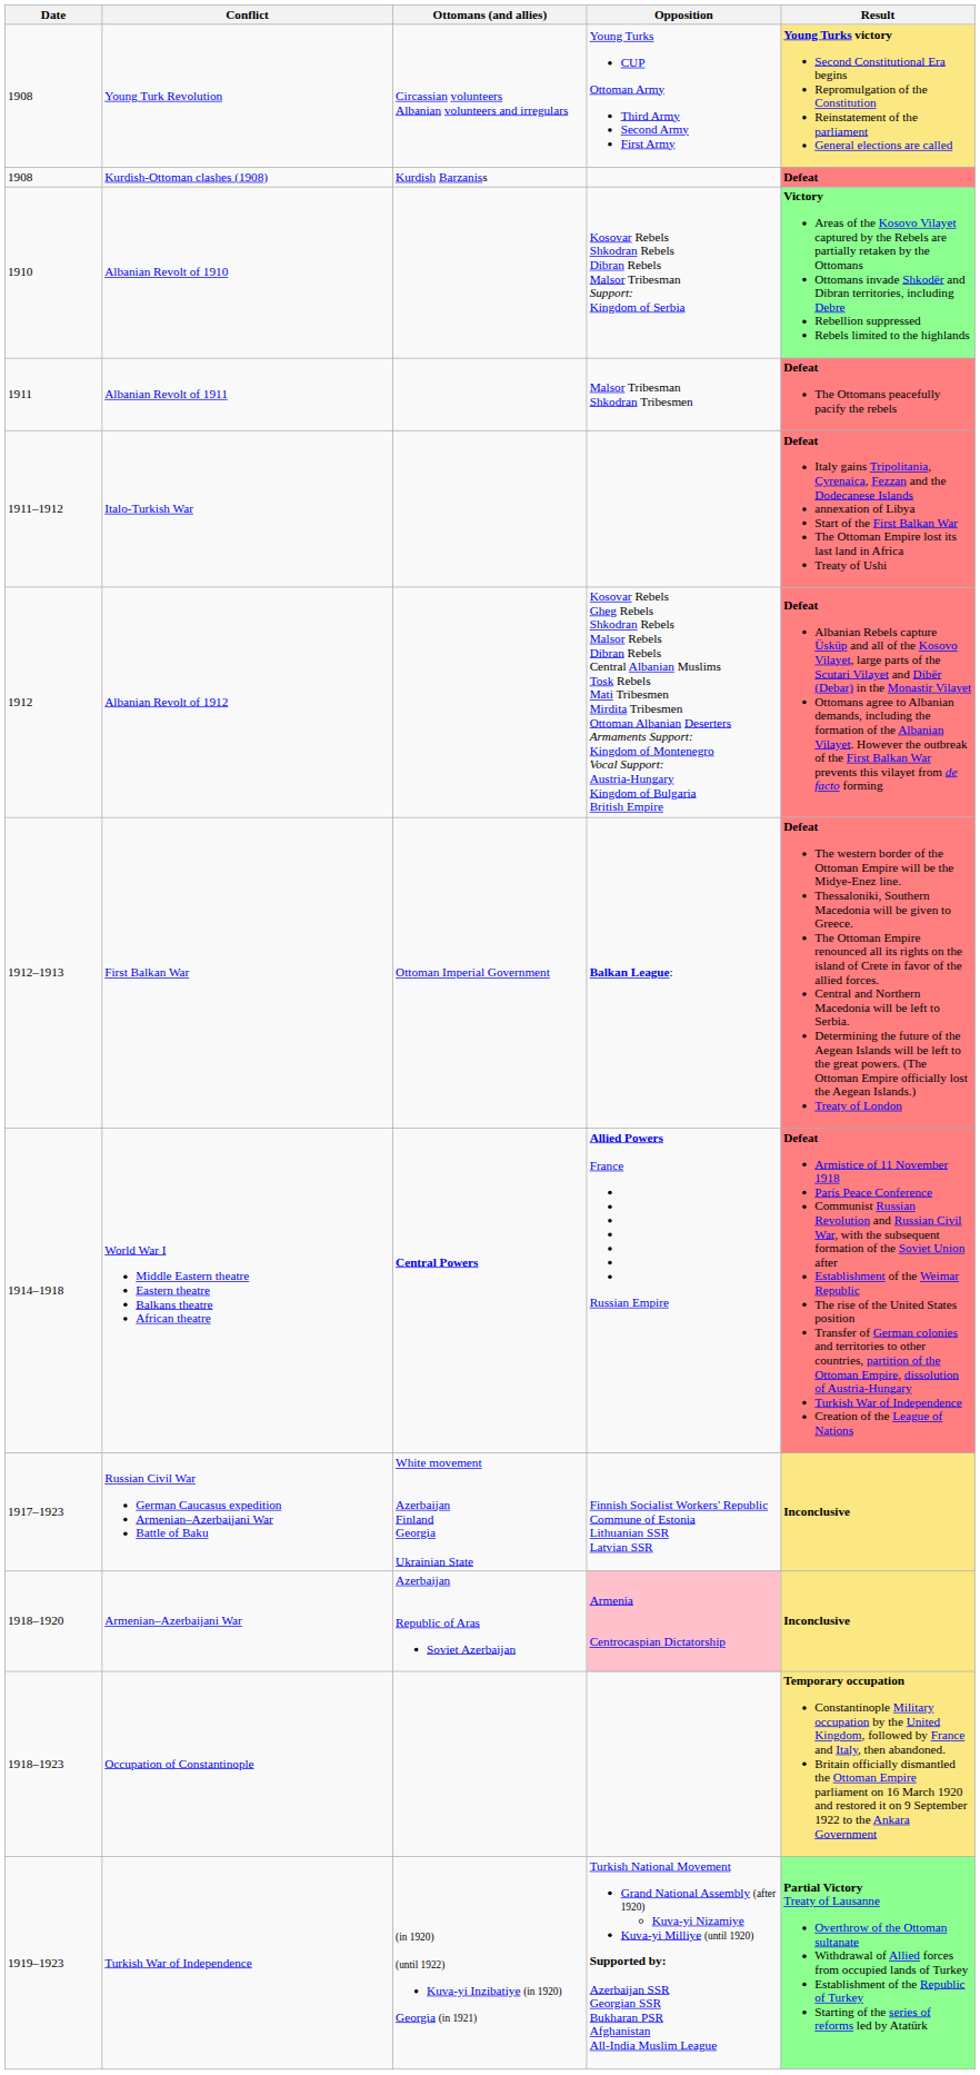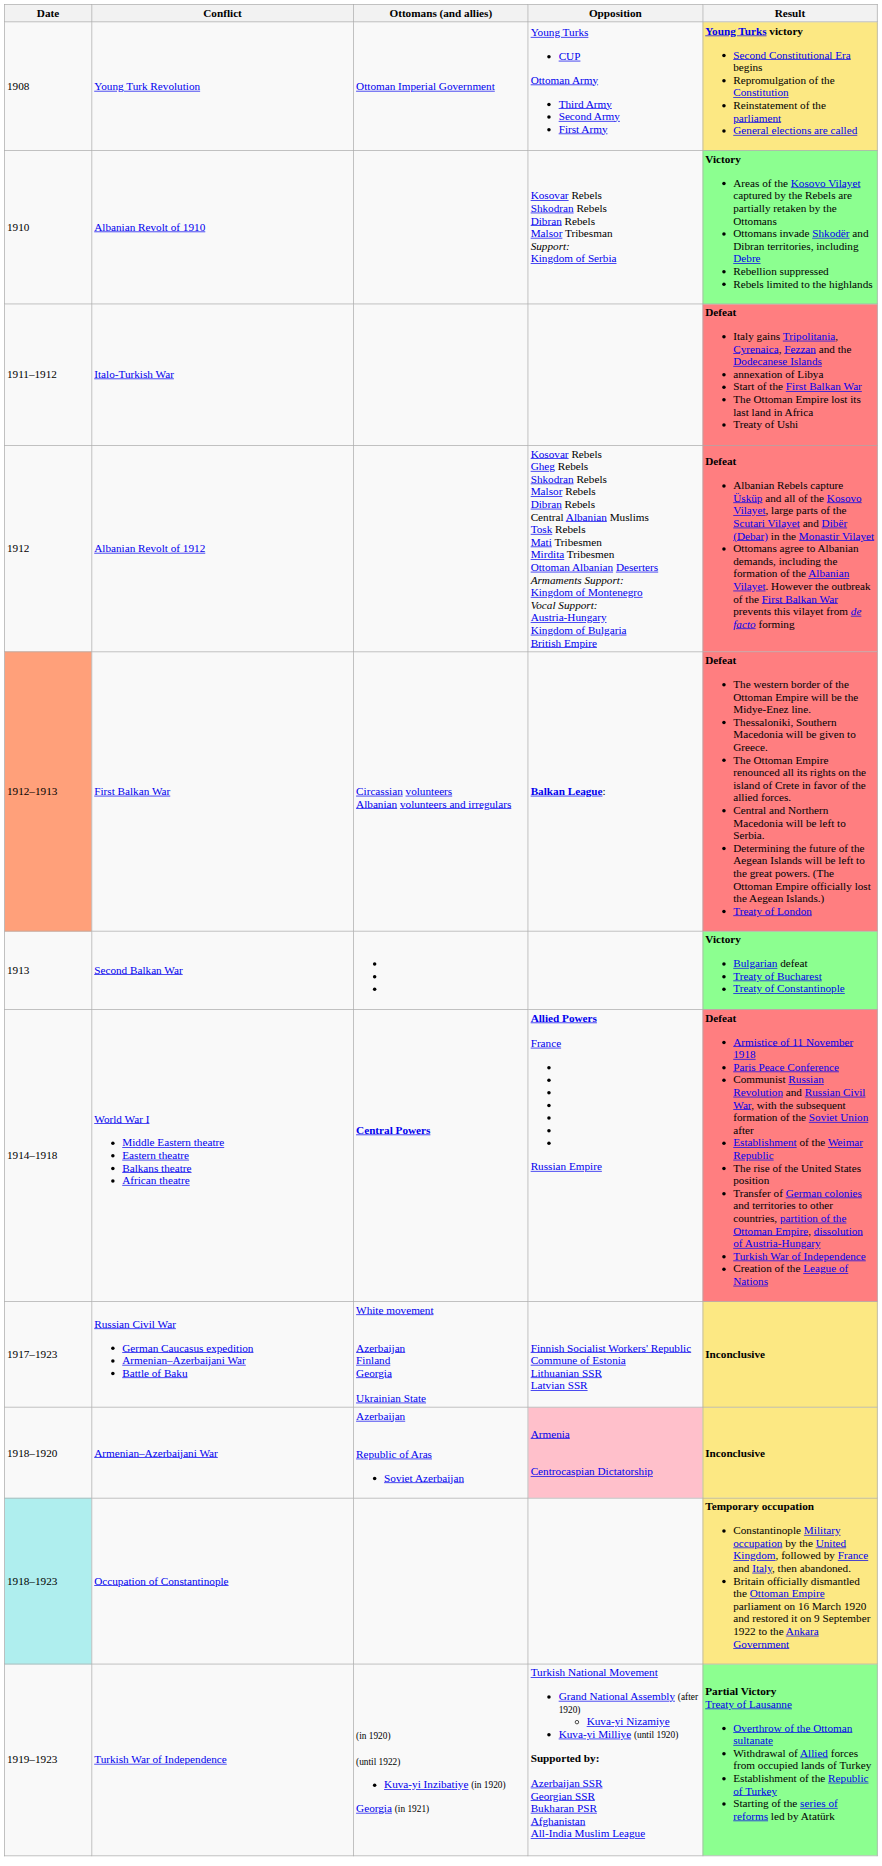 <table class="wikitable">
 <tr>
 <th width="10%">Date</th>
 <th width="30%">Conflict</th>
 <th width="20%">Ottomans (and allies)</th>
 <th width="20%">Opposition</th>
 <th width="20%">Result</th>
 </tr>
 <tr>
 <td>1908</td>
 <td><a href='#'>Young Turk Revolution</a></td>
-<td><br> <a href='#'>Circassian</a> <a href='#'>volunteers</a><br> <a href='#'>Albanian</a> <a href='#'>volunteers and irregulars</a></td>
+<td> <a href='#'>Ottoman Imperial Government</a></td>
 <td> <a href='#'>Young Turks</a><br><ul><li> <a href='#'>CUP</a></li></ul> <a href='#'>Ottoman Army</a><ul><li> <a href='#'>Third Army</a></li><li> <a href='#'>Second Army</a></li><li> <a href='#'>First Army</a></li></ul></td>
 <td style="background:#FCE883"><strong><a href='#'>Young Turks</a> victory</strong><br><ul><li><a href='#'>Second Constitutional Era</a> begins</li><li>Repromulgation of the <a href='#'>Constitution</a></li><li>Reinstatement of the <a href='#'>parliament</a></li><li><a href='#'>General elections are called</a></li></ul></td>
-</tr>
-<tr>
-<td>1908</td>
-<td><a href='#'>Kurdish-Ottoman clashes (1908)</a></td>
-<td><a href='#'>Kurdish</a> <a href='#'>Barzanis</a>s</td>
-<td></td>
-<td style="background:#ff7e80"><strong>Defeat</strong></td>
 </tr>
 <tr>
 <td>1910</td>
 <td><a href='#'>Albanian Revolt of 1910</a></td>
 <td></td>
 <td><a href='#'>Kosovar</a> Rebels <br> <a href='#'>Shkodran</a> Rebels <br> <a href='#'>Dibran</a> Rebels <br> <a href='#'>Malsor</a> Tribesman <br> <em>Support:</em> <br>  <a href='#'>Kingdom of Serbia</a></td>
 <td style="background:#8cff90"><strong>Victory</strong><br><ul><li>Areas of the <a href='#'>Kosovo Vilayet</a> captured by the Rebels are partially retaken by the Ottomans</li><li>Ottomans invade <a href='#'>Shkodër</a> and Dibran territories, including <a href='#'>Debre</a></li><li>Rebellion suppressed</li><li>Rebels limited to the highlands</li></ul></td>
-</tr>
-<tr>
-<td>1911</td>
-<td><a href='#'>Albanian Revolt of 1911</a></td>
-<td></td>
-<td><a href='#'>Malsor</a> Tribesman <br><a href='#'>Shkodran</a> Tribesmen</td>
-<td style="background:#ff7e80"><strong>Defeat</strong><br><ul><li>The Ottomans peacefully pacify the rebels</li></ul></td>
 </tr>
 <tr>
 <td>1911–1912</td>
 <td><a href='#'>Italo-Turkish War</a></td>
 <td></td>
 <td></td>
 <td style="background:#ff7e80"><strong>Defeat</strong><br><ul><li>Italy gains <a href='#'>Tripolitania</a>, <a href='#'>Cyrenaica</a>, <a href='#'>Fezzan</a> and the <a href='#'>Dodecanese Islands</a></li><li>annexation of Libya</li><li>Start of the <a href='#'>First Balkan War</a></li><li>The Ottoman Empire lost its last land in Africa</li><li>Treaty of Ushi</li></ul></td>
 </tr>
 <tr>
 <td>1912</td>
 <td><a href='#'>Albanian Revolt of 1912</a></td>
 <td></td>
 <td> <a href='#'>Kosovar</a> Rebels <br> <a href='#'>Gheg</a> Rebels <br> <a href='#'>Shkodran</a> Rebels <br> <a href='#'>Malsor</a> Rebels <br> <a href='#'>Dibran</a> Rebels <br> Central <a href='#'>Albanian</a> Muslims <br> <a href='#'>Tosk</a> Rebels <br> <a href='#'>Mati</a> Tribesmen<br> <a href='#'>Mirdita</a> Tribesmen <br><a href='#'>Ottoman Albanian</a> <a href='#'>Deserters</a> <br> <em>Armaments Support:</em> <br> <a href='#'>Kingdom of Montenegro</a> <br> <em>Vocal Support:</em> <br> <a href='#'>Austria-Hungary</a> <br> <a href='#'>Kingdom of Bulgaria</a> <br> <a href='#'>British Empire</a></td>
 <td style="background:#ff7e80"><strong>Defeat</strong><br><ul><li>Albanian Rebels capture <a href='#'>Üsküp</a> and all of the <a href='#'>Kosovo Vilayet</a>, large parts of the <a href='#'>Scutari Vilayet</a> and <a href='#'>Dibër (Debar)</a> in the <a href='#'>Monastir Vilayet</a></li><li>Ottomans agree to Albanian demands, including the formation of the <a href='#'>Albanian Vilayet</a>. However the outbreak of the <a href='#'>First Balkan War</a> prevents this vilayet from <em><a href='#'>de facto</a></em> forming</li></ul></td>
 </tr>
 <tr>
-<td>1912–1913</td>
+<td style="background: lightsalmon;">1912–1913</td>
 <td><a href='#'>First Balkan War</a></td>
-<td> <a href='#'>Ottoman Imperial Government</a></td>
+<td><br> <a href='#'>Circassian</a> <a href='#'>volunteers</a><br> <a href='#'>Albanian</a> <a href='#'>volunteers and irregulars</a></td>
 <td><strong><a href='#'>Balkan League</a></strong>:</td>
 <td style="background:#ff7e80"><strong>Defeat</strong><br><ul><li>The western border of the Ottoman Empire will be the Midye-Enez line.</li><li>Thessaloniki, Southern Macedonia will be given to Greece.</li><li>The Ottoman Empire renounced all its rights on the island of Crete in favor of the allied forces.</li><li>Central and Northern Macedonia will be left to Serbia.</li><li>Determining the future of the Aegean Islands will be left to the great powers. (The Ottoman Empire officially lost the Aegean Islands.)</li><li><a href='#'>Treaty of London</a></li></ul></td>
+</tr>
+<tr>
+<td>1913</td>
+<td><a href='#'>Second Balkan War</a></td>
+<td {{plainlist><br><ul><li></li><li></li><li></li></ul></td>
+<td></td>
+<td style="background:#8cff90"><strong>Victory</strong><br><ul><li><a href='#'>Bulgarian</a> defeat</li><li><a href='#'>Treaty of Bucharest</a></li><li><a href='#'>Treaty of Constantinople</a></li></ul></td>
 </tr>
 <tr>
 <td>1914–1918</td>
 <td><a href='#'>World War I</a><br><ul><li><a href='#'>Middle Eastern theatre</a></li><li><a href='#'>Eastern theatre</a></li><li><a href='#'>Balkans theatre</a></li><li><a href='#'>African theatre</a></li></ul></td>
 <td><strong><a href='#'>Central Powers</a></strong><br><br><br> <br> <br> </td>
 <td><strong><a href='#'>Allied Powers</a></strong><br><br> <a href='#'>France</a><br> <ul><li></li><li></li><li></li><li></li><li></li><li></li><li></li></ul> <a href='#'>Russian Empire</a><br> <br> <br> <br> <br> <br> <br> <br> <br> <br> <br> </td>
 <td style="background:#ff7e80"><strong>Defeat</strong><br><ul><li><a href='#'>Armistice of 11 November 1918</a></li><li><a href='#'>Paris Peace Conference</a></li><li>Communist <a href='#'>Russian Revolution</a> and <a href='#'>Russian Civil War</a>, with the subsequent formation of the <a href='#'>Soviet Union</a> after</li><li><a href='#'>Establishment</a> of the <a href='#'>Weimar Republic</a></li><li>The rise of the United States position</li><li>Transfer of <a href='#'>German colonies</a> and territories to other countries, <a href='#'>partition of the Ottoman Empire</a>, <a href='#'>dissolution of Austria-Hungary</a></li><li><a href='#'>Turkish War of Independence</a></li><li>Creation of the <a href='#'>League of Nations</a></li></ul></td>
 </tr>
 <tr>
 <td>1917–1923</td>
 <td><a href='#'>Russian Civil War</a><br><ul><li><a href='#'>German Caucasus expedition</a></li><li><a href='#'>Armenian–Azerbaijani War</a></li><li><a href='#'>Battle of Baku</a></li></ul></td>
 <td> <a href='#'>White movement</a><br> <br>  <br>  <a href='#'>Azerbaijan</a> <br>  <a href='#'>Finland</a> <br>  <a href='#'>Georgia</a><br>  <br>  <a href='#'>Ukrainian State</a> </td>
 <td><br><br> <a href='#'>Finnish Socialist Workers' Republic</a><br>  <a href='#'>Commune of Estonia</a><br>  <a href='#'>Lithuanian SSR</a><br>  <a href='#'>Latvian SSR</a></td>
 <td style="background:#FCE883"><strong>Inconclusive</strong></td>
 </tr>
 <tr>
 <td>1918–1920</td>
 <td><a href='#'>Armenian–Azerbaijani War</a></td>
 <td> <a href='#'>Azerbaijan</a> <br> <br><br> <a href='#'>Republic of Aras</a>  <ul><li> <a href='#'>Soviet Azerbaijan</a> </li></ul></td>
 <td style="background: pink;"> <a href='#'>Armenia</a><br><br><br>  <a href='#'>Centrocaspian Dictatorship</a></td>
 <td style="background:#FCE883"><strong>Inconclusive</strong></td>
 </tr>
 <tr>
-<td>1918–1923</td>
+<td style="background: paleturquoise;">1918–1923</td>
 <td><a href='#'>Occupation of Constantinople</a></td>
 <td></td>
 <td><br><br><br><br><br></td>
 <td style="background:#FCE883"><strong>Temporary occupation</strong><br><ul><li>Constantinople <a href='#'>Military occupation</a> by the <a href='#'>United Kingdom</a>, followed by <a href='#'>France</a> and <a href='#'>Italy</a>, then abandoned.</li><li>Britain officially dismantled the <a href='#'>Ottoman Empire</a> parliament on 16 March 1920 and restored it on 9 September 1922 to the <a href='#'>Ankara Government</a></li></ul></td>
 </tr>
 <tr>
 <td>1919–1923</td>
 <td><a href='#'>Turkish War of Independence</a></td>
 <td><br><br> <small>(in 1920)</small><br><br> <small>(until 1922)</small><br><ul><li><a href='#'>Kuva-yi Inzibatiye</a> <small>(in 1920)</small></li></ul> <a href='#'>Georgia</a> <small>(in 1921)</small></td>
 <td> <a href='#'>Turkish National Movement</a><br><ul><li><a href='#'>Grand National Assembly</a> <small>(after 1920)</small><ul><li><a href='#'>Kuva-yi Nizamiye</a></li></ul></li><li><a href='#'>Kuva-yi Milliye</a> <small>(until 1920)</small></li></ul><strong>Supported by:</strong><br> <br> <a href='#'>Azerbaijan SSR</a><br> <a href='#'>Georgian SSR</a><br> <a href='#'>Bukharan PSR</a><br> <a href='#'>Afghanistan</a><br> <a href='#'>All-India Muslim League</a><br><br></td>
 <td style="background:#8cff90"><strong>Partial Victory</strong><br><a href='#'>Treaty of Lausanne</a><ul><li><a href='#'>Overthrow of the Ottoman sultanate</a></li><li>Withdrawal of <a href='#'>Allied</a> forces from occupied lands of Turkey</li><li>Establishment of the <a href='#'>Republic of Turkey</a></li><li>Starting of the <a href='#'>series of reforms</a> led by Atatürk</li></ul></td>
 </tr>
 </table>
